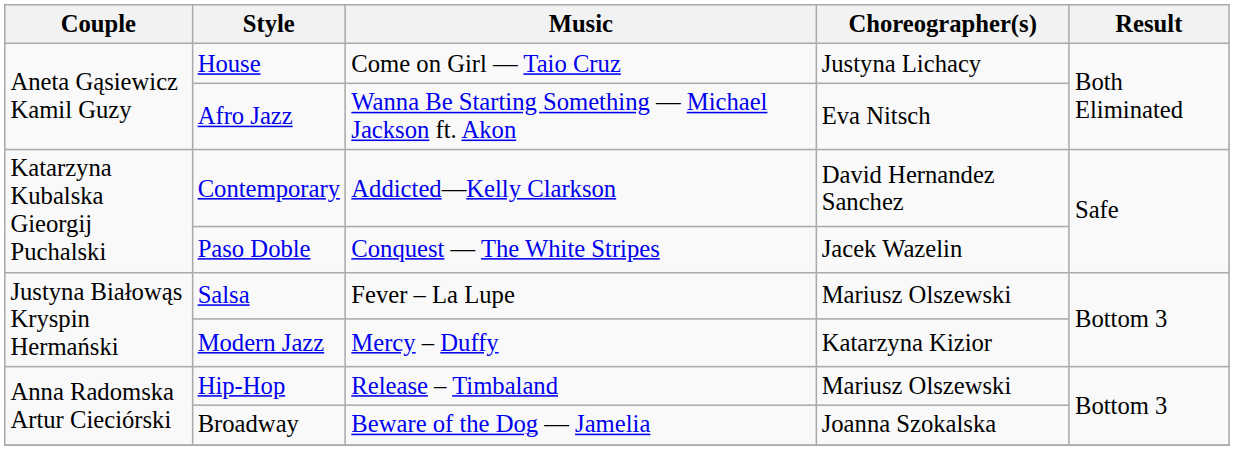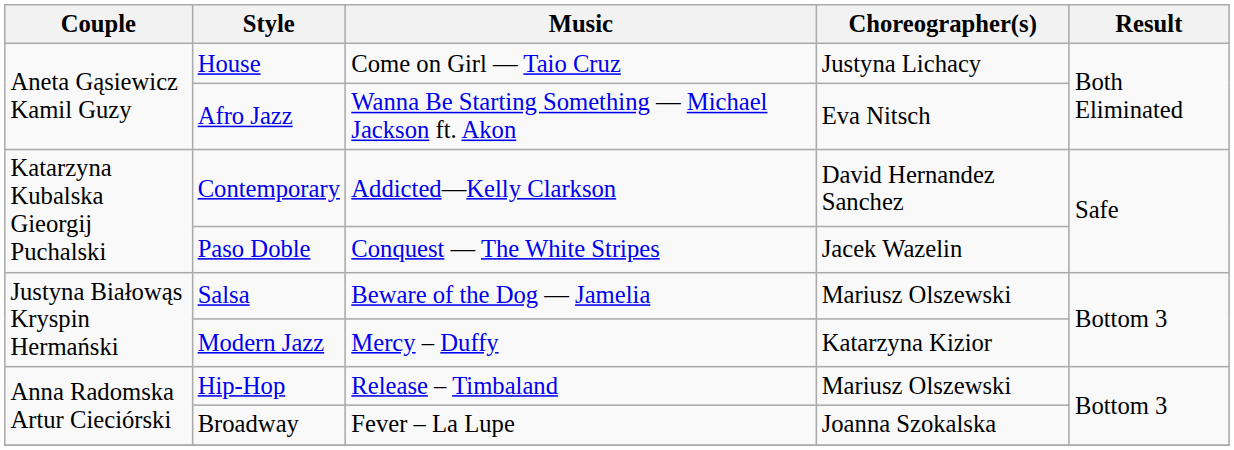 <table class="wikitable" width="90%">
 <tr>
 <th>Couple</th>
 <th>Style</th>
 <th>Music</th>
 <th>Choreographer(s)</th>
 <th>Result</th>
 </tr>
 <tr>
 <td rowspan="2">Aneta Gąsiewicz<br>Kamil Guzy</td>
 <td><a href='#'>House</a></td>
 <td>Come on Girl — <a href='#'>Taio Cruz</a></td>
 <td>Justyna Lichacy</td>
 <td rowspan="2">Both Eliminated</td>
 </tr>
 <tr>
 <td><a href='#'>Afro Jazz</a></td>
 <td><a href='#'>Wanna Be Starting Something</a> — <a href='#'>Michael Jackson</a> ft. <a href='#'>Akon</a></td>
 <td>Eva Nitsch</td>
 </tr>
 <tr>
 <td rowspan="2">Katarzyna Kubalska<br>Gieorgij Puchalski</td>
 <td><a href='#'>Contemporary</a></td>
 <td><a href='#'>Addicted</a>—<a href='#'>Kelly Clarkson</a></td>
 <td>David Hernandez Sanchez</td>
 <td rowspan="2">Safe</td>
 </tr>
 <tr>
 <td><a href='#'>Paso Doble</a></td>
 <td><a href='#'>Conquest</a> — <a href='#'>The White Stripes</a></td>
 <td>Jacek Wazelin</td>
 </tr>
 <tr>
 <td rowspan="2">Justyna Białowąs<br>Kryspin Hermański</td>
 <td><a href='#'>Salsa</a></td>
-<td>Fever – La Lupe</td>
+<td><a href='#'>Beware of the Dog</a> — <a href='#'>Jamelia</a></td>
 <td>Mariusz Olszewski</td>
 <td rowspan="2">Bottom 3</td>
 </tr>
 <tr>
 <td><a href='#'>Modern Jazz</a></td>
 <td><a href='#'>Mercy</a> – <a href='#'>Duffy</a></td>
 <td>Katarzyna Kizior</td>
 </tr>
 <tr>
 <td rowspan="2">Anna Radomska<br>Artur Cieciórski</td>
 <td><a href='#'>Hip-Hop</a></td>
 <td><a href='#'>Release</a> – <a href='#'>Timbaland</a></td>
 <td>Mariusz Olszewski</td>
 <td rowspan="2">Bottom 3</td>
 </tr>
 <tr>
 <td>Broadway</td>
-<td><a href='#'>Beware of the Dog</a> — <a href='#'>Jamelia</a></td>
+<td>Fever – La Lupe</td>
 <td>Joanna Szokalska</td>
 </tr>
 <tr>
 </tr>
 </table>
